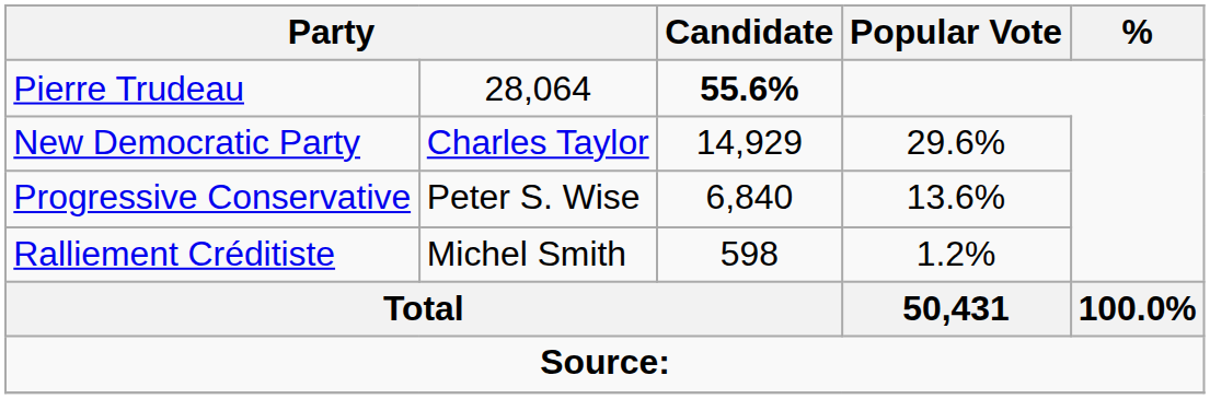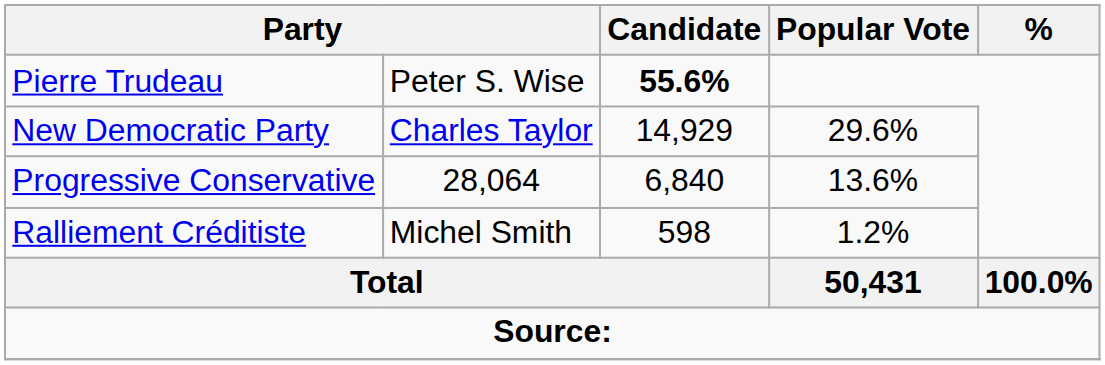 <table class="wikitable">
 <tr>
 <th colspan="2">Party</th>
 <th>Candidate</th>
 <th>Popular Vote</th>
 <th>%</th>
 </tr>
 <tr>
 <td> <a href='#'>Pierre Trudeau</a></td>
-<td align=center>28,064</td>
+<td>Peter S. Wise</td>
 <td align=center><strong>55.6%</strong></td>
 </tr>
 <tr>
 <td><a href='#'>New Democratic Party</a></td>
 <td><a href='#'>Charles Taylor</a></td>
 <td align=center>14,929</td>
 <td align=center>29.6%</td>
 </tr>
 <tr>
 <td><a href='#'>Progressive Conservative</a></td>
-<td>Peter S. Wise</td>
+<td align=center>28,064</td>
 <td align=center>6,840</td>
 <td align=center>13.6%</td>
 </tr>
 <tr>
 <td><a href='#'>Ralliement Créditiste</a></td>
 <td>Michel Smith</td>
 <td align=center>598</td>
 <td align=center>1.2%</td>
 </tr>
 <tr>
 <th colspan=3 align=center>Total</th>
 <th align=right>50,431</th>
 <th align=right>100.0%</th>
 </tr>
 <tr>
 <td align="center" colspan=5><strong>Source:</strong> </td>
 </tr>
 <tr>
 </tr>
 </table>
